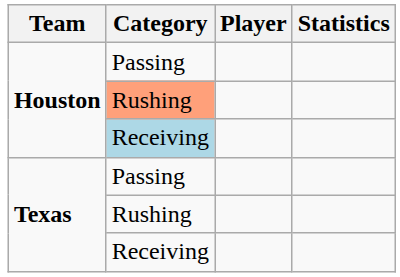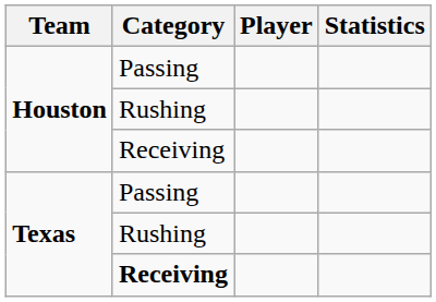 <table class="wikitable" style="float: right;">
 <tr>
 <th>Team</th>
 <th>Category</th>
 <th>Player</th>
 <th>Statistics</th>
 </tr>
 <tr>
 <td rowspan=3 !!><strong>Houston</strong></td>
 <td>Passing</td>
 <td></td>
 <td></td>
 </tr>
 <tr>
-<td style="background: lightsalmon;">Rushing</td>
+<td>Rushing</td>
 <td></td>
 <td></td>
 </tr>
 <tr>
-<td style="background: lightblue;">Receiving</td>
+<td>Receiving</td>
 <td></td>
 <td></td>
 </tr>
 <tr>
 <td rowspan=3 !!><strong>Texas</strong></td>
 <td>Passing</td>
 <td></td>
 <td></td>
 </tr>
 <tr>
 <td>Rushing</td>
 <td></td>
 <td></td>
 </tr>
 <tr>
-<td>Receiving</td>
+<td><strong>Receiving</strong></td>
 <td></td>
 <td></td>
 </tr>
 </table>
